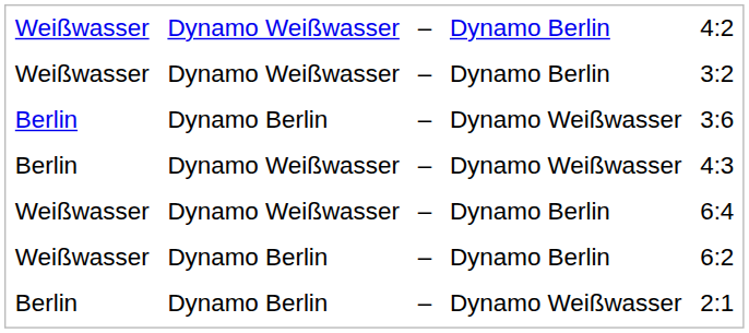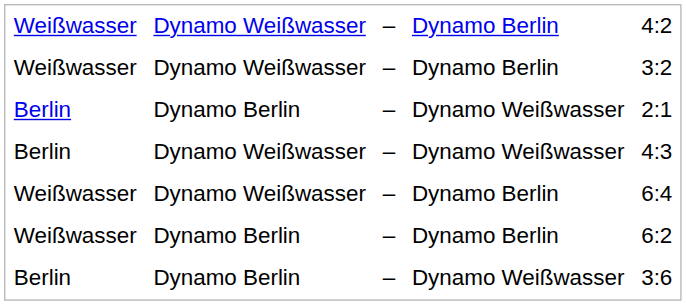 <table cellspacing="0" border="0" cellpadding="6" style="border:1px solid #bbb; background-color:#FFFFFF;">
 <tr>
 <td><a href='#'>Weißwasser</a></td>
 <td><a href='#'>Dynamo Weißwasser</a></td>
 <td>–</td>
 <td><a href='#'>Dynamo Berlin</a></td>
 <td>4:2</td>
 </tr>
 <tr>
 <td>Weißwasser</td>
 <td>Dynamo Weißwasser</td>
 <td>–</td>
 <td>Dynamo Berlin</td>
 <td>3:2</td>
 </tr>
 <tr>
 <td><a href='#'>Berlin</a></td>
 <td>Dynamo Berlin</td>
 <td>–</td>
 <td>Dynamo Weißwasser</td>
-<td>3:6</td>
+<td>2:1</td>
 </tr>
 <tr>
 <td>Berlin</td>
 <td>Dynamo Weißwasser</td>
 <td>–</td>
 <td>Dynamo Weißwasser</td>
 <td>4:3</td>
 </tr>
 <tr>
 <td>Weißwasser</td>
 <td>Dynamo Weißwasser</td>
 <td>–</td>
 <td>Dynamo Berlin</td>
 <td>6:4</td>
 </tr>
 <tr>
 <td>Weißwasser</td>
 <td>Dynamo Berlin</td>
 <td>–</td>
 <td>Dynamo Berlin</td>
 <td>6:2</td>
 </tr>
 <tr>
 <td>Berlin</td>
 <td>Dynamo Berlin</td>
 <td>–</td>
 <td>Dynamo Weißwasser</td>
-<td>2:1</td>
+<td>3:6</td>
 </tr>
 </table>
